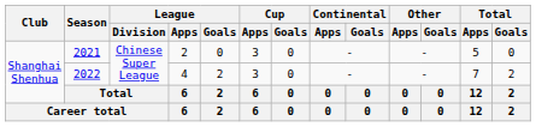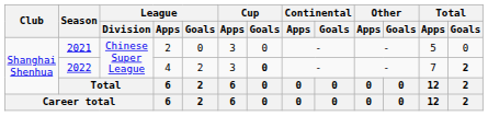 <table class="wikitable" style="text-align: center">
 <tr>
 <th rowspan="2">Club</th>
 <th rowspan="2">Season</th>
 <th colspan="3">League</th>
 <th colspan="2">Cup</th>
 <th colspan="2">Continental</th>
 <th colspan="2">Other</th>
 <th colspan="2">Total</th>
 </tr>
 <tr>
 <th>Division</th>
 <th>Apps</th>
 <th>Goals</th>
 <th>Apps</th>
 <th>Goals</th>
 <th>Apps</th>
 <th>Goals</th>
 <th>Apps</th>
 <th>Goals</th>
 <th>Apps</th>
 <th>Goals</th>
 </tr>
 <tr>
 <td rowspan=3><a href='#'>Shanghai Shenhua</a></td>
 <td><a href='#'>2021</a></td>
 <td rowspan=2><a href='#'>Chinese Super League</a></td>
 <td>2</td>
 <td>0</td>
 <td>3</td>
 <td>0</td>
 <td colspan="2">-</td>
 <td colspan="2">-</td>
 <td>5</td>
 <td>0</td>
 </tr>
 <tr>
 <td><a href='#'>2022</a></td>
 <td>4</td>
 <td>2</td>
 <td>3</td>
-<td>0</td>
+<td><strong>0</strong></td>
 <td colspan="2">-</td>
 <td colspan="2">-</td>
 <td>7</td>
-<td>2</td>
+<td><strong>2</strong></td>
 </tr>
 <tr>
 <th colspan=2>Total</th>
 <th>6</th>
 <th>2</th>
 <th>6</th>
 <th>0</th>
 <th>0</th>
 <th>0</th>
 <th>0</th>
 <th>0</th>
 <th>12</th>
 <th>2</th>
 </tr>
 <tr>
 <th colspan=3>Career total</th>
 <th>6</th>
 <th>2</th>
 <th>6</th>
 <th>0</th>
 <th>0</th>
 <th>0</th>
 <th>0</th>
 <th>0</th>
 <th>12</th>
 <th>2</th>
 </tr>
 </table>
